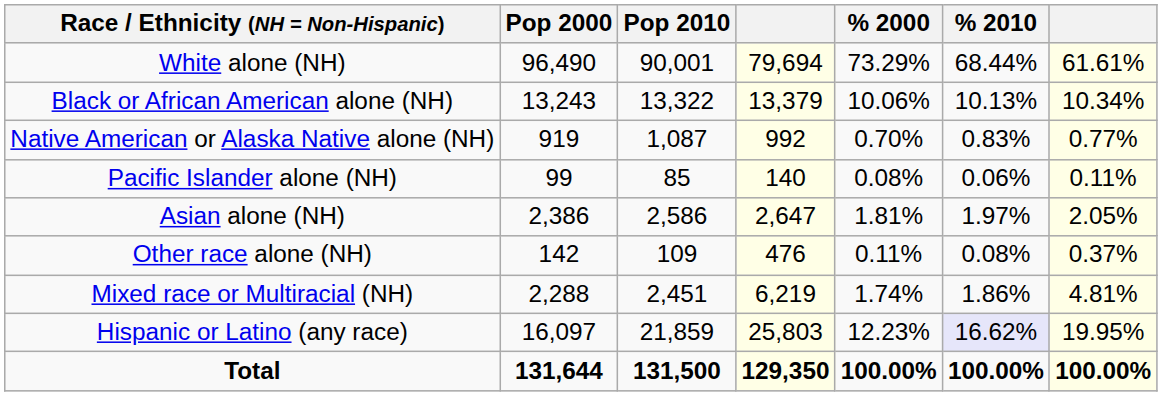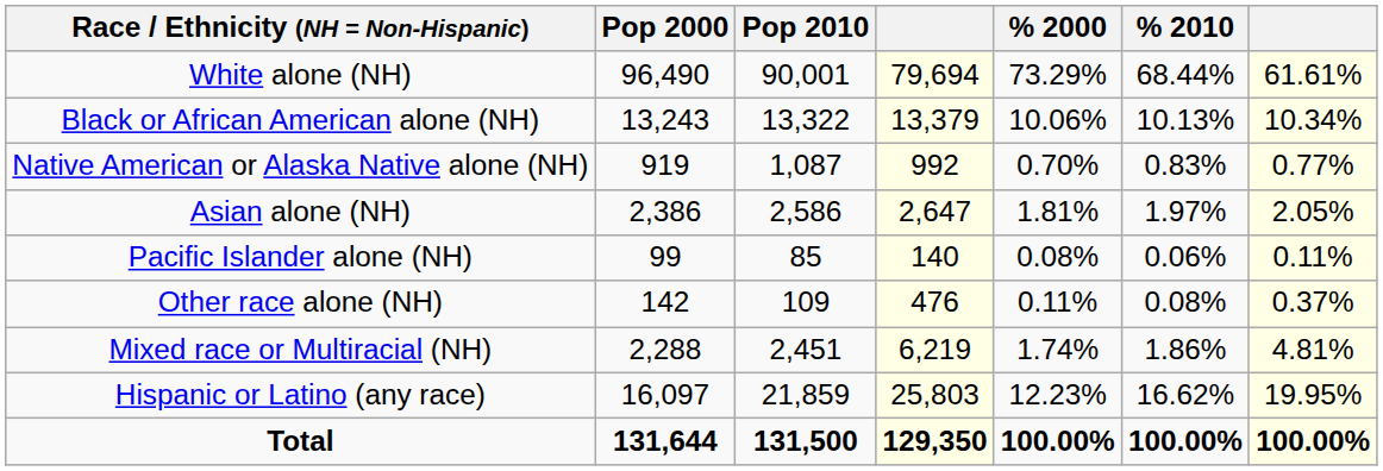 <table class="wikitable" style="text-align:center;">
 <tr>
 <th>Race / Ethnicity <small>(<em>NH = Non-Hispanic</em>)</small></th>
 <th>Pop 2000</th>
 <th>Pop 2010</th>
 <th></th>
 <th>% 2000</th>
 <th>% 2010</th>
 <th></th>
 </tr>
 <tr>
 <td><a href='#'>White</a> alone (NH)</td>
 <td>96,490</td>
 <td>90,001</td>
 <td style='background: #ffffe6;'>79,694</td>
 <td>73.29%</td>
 <td>68.44%</td>
 <td style='background: #ffffe6;'>61.61%</td>
 </tr>
 <tr>
 <td><a href='#'>Black or African American</a> alone (NH)</td>
 <td>13,243</td>
 <td>13,322</td>
 <td style='background: #ffffe6;'>13,379</td>
 <td>10.06%</td>
 <td>10.13%</td>
 <td style='background: #ffffe6;'>10.34%</td>
 </tr>
 <tr>
 <td><a href='#'>Native American</a> or <a href='#'>Alaska Native</a> alone (NH)</td>
 <td>919</td>
 <td>1,087</td>
 <td style='background: #ffffe6;'>992</td>
 <td>0.70%</td>
 <td>0.83%</td>
 <td style='background: #ffffe6;'>0.77%</td>
 </tr>
 <tr>
+<td><a href='#'>Asian</a> alone (NH)</td>
+<td>2,386</td>
+<td>2,586</td>
+<td style='background: #ffffe6;'>2,647</td>
+<td>1.81%</td>
+<td>1.97%</td>
+<td style='background: #ffffe6;'>2.05%</td>
+</tr>
+<tr>
 <td><a href='#'>Pacific Islander</a> alone (NH)</td>
 <td>99</td>
 <td>85</td>
 <td style='background: #ffffe6;'>140</td>
 <td>0.08%</td>
 <td>0.06%</td>
 <td style='background: #ffffe6;'>0.11%</td>
-</tr>
-<tr>
-<td><a href='#'>Asian</a> alone (NH)</td>
-<td>2,386</td>
-<td>2,586</td>
-<td style='background: #ffffe6;'>2,647</td>
-<td>1.81%</td>
-<td>1.97%</td>
-<td style='background: #ffffe6;'>2.05%</td>
 </tr>
 <tr>
 <td><a href='#'>Other race</a> alone (NH)</td>
 <td>142</td>
 <td>109</td>
 <td style='background: #ffffe6;'>476</td>
 <td>0.11%</td>
 <td>0.08%</td>
 <td style='background: #ffffe6;'>0.37%</td>
 </tr>
 <tr>
 <td><a href='#'>Mixed race or Multiracial</a> (NH)</td>
 <td>2,288</td>
 <td>2,451</td>
 <td style='background: #ffffe6;'>6,219</td>
 <td>1.74%</td>
 <td>1.86%</td>
 <td style='background: #ffffe6;'>4.81%</td>
 </tr>
 <tr>
 <td><a href='#'>Hispanic or Latino</a> (any race)</td>
 <td>16,097</td>
 <td>21,859</td>
 <td style='background: #ffffe6;'>25,803</td>
 <td>12.23%</td>
-<td style="background: lavender;">16.62%</td>
+<td>16.62%</td>
 <td style='background: #ffffe6;'>19.95%</td>
 </tr>
 <tr>
 <td><strong>Total</strong></td>
 <td><strong>131,644</strong></td>
 <td><strong>131,500</strong></td>
 <td style='background: #ffffe6;'><strong>129,350</strong></td>
 <td><strong>100.00%</strong></td>
 <td><strong>100.00%</strong></td>
 <td style='background: #ffffe6;'><strong>100.00%</strong></td>
 </tr>
 </table>
